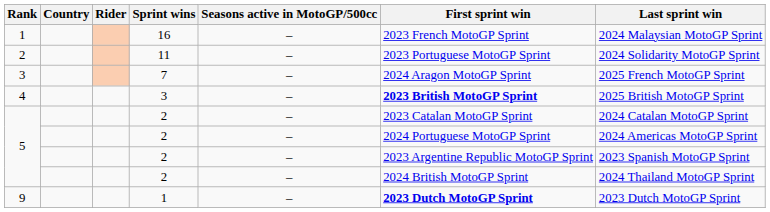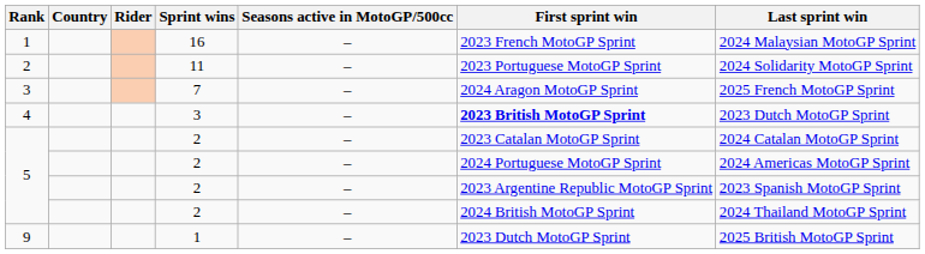 <table class="sortable plainrowheaders wikitable">
 <tr>
 <th scope=col>Rank</th>
 <th scope=col>Country</th>
 <th scope=col>Rider</th>
 <th scope=col>Sprint wins</th>
 <th scope=col>Seasons active in MotoGP/500cc</th>
 <th scope=col>First sprint win</th>
 <th scope=col>Last sprint win</th>
 </tr>
 <tr>
 <td align="center">1</td>
 <td></td>
 <td style="background:#FBCEB1"><strong></strong></td>
 <td align="center">16</td>
 <td align="center">–</td>
 <td data-sort-value="202305"><a href='#'>2023 French MotoGP Sprint</a></td>
 <td data-sort-value="202419"><a href='#'>2024 Malaysian MotoGP Sprint</a></td>
 </tr>
 <tr>
 <td align="center">2</td>
 <td></td>
 <td style="background:#FBCEB1" nowrap=""><strong></strong></td>
 <td align="center">11</td>
 <td align="center">–</td>
 <td data-sort-value="202301"><a href='#'>2023 Portuguese MotoGP Sprint</a></td>
 <td data-sort-value="202420"><a href='#'>2024 Solidarity MotoGP Sprint</a></td>
 </tr>
 <tr>
 <td align="center">3</td>
 <td></td>
 <td style="background:#FBCEB1" nowrap=""><strong></strong></td>
 <td align="center">7</td>
 <td align="center">–</td>
 <td data-sort-value="202412"><a href='#'>2024 Aragon MotoGP Sprint</a></td>
 <td data-sort-value="202505"><a href='#'>2025 French MotoGP Sprint</a></td>
 </tr>
 <tr>
 <td align="center">4</td>
 <td></td>
 <td><strong></strong></td>
 <td align="center">3</td>
 <td align="center">–</td>
 <td data-sort-value="202309"><strong><a href='#'>2023 British MotoGP Sprint</a></strong></td>
-<td data-sort-value="202318"><a href='#'>2025 British MotoGP Sprint</a></td>
+<td data-sort-value="202308"><a href='#'>2023 Dutch MotoGP Sprint</a></td>
 </tr>
 <tr>
 <td rowspan="4" align="center">5</td>
 <td></td>
 <td></td>
 <td align="center">2</td>
 <td align="center">–</td>
 <td data-sort-value="202311"><a href='#'>2023 Catalan MotoGP Sprint</a></td>
 <td data-sort-value="202406"><a href='#'>2024 Catalan MotoGP Sprint</a></td>
 </tr>
 <tr>
 <td></td>
 <td><strong></strong></td>
 <td align="center">2</td>
 <td align="center">–</td>
 <td data-sort-value="202309"><a href='#'>2024 Portuguese MotoGP Sprint</a></td>
 <td data-sort-value="202403"><a href='#'>2024 Americas MotoGP Sprint</a></td>
 </tr>
 <tr>
 <td></td>
 <td><strong></strong></td>
 <td align="center">2</td>
 <td align="center">–</td>
 <td data-sort-value="202302"><a href='#'>2023 Argentine Republic MotoGP Sprint</a></td>
 <td data-sort-value="202304"><a href='#'>2023 Spanish MotoGP Sprint</a></td>
 </tr>
 <tr>
 <td></td>
 <td><strong></strong></td>
 <td align="center">2</td>
 <td align="center">–</td>
 <td data-sort-value="202408"><a href='#'>2024 British MotoGP Sprint</a></td>
 <td data-sort-value="202418"><a href='#'>2024 Thailand MotoGP Sprint</a></td>
 </tr>
 <tr>
 <td rowspan="1" align="center">9</td>
 <td></td>
 <td><strong></strong></td>
 <td align="center">1</td>
 <td align="center">–</td>
-<td data-sort-value="202308"><strong><a href='#'>2023 Dutch MotoGP Sprint</a></strong></td>
 <td data-sort-value="202308"><a href='#'>2023 Dutch MotoGP Sprint</a></td>
+<td data-sort-value="202318"><a href='#'>2025 British MotoGP Sprint</a></td>
 </tr>
 </table>
